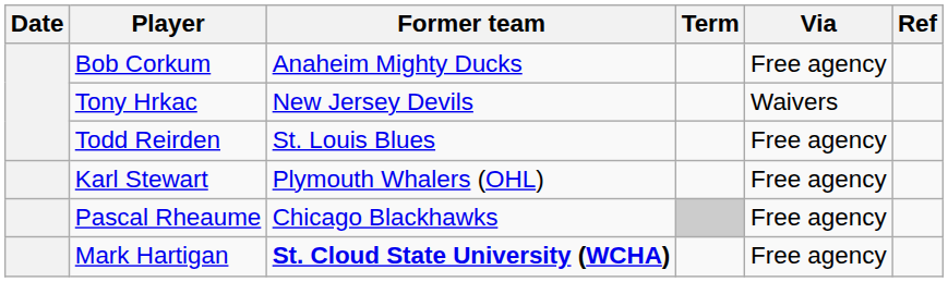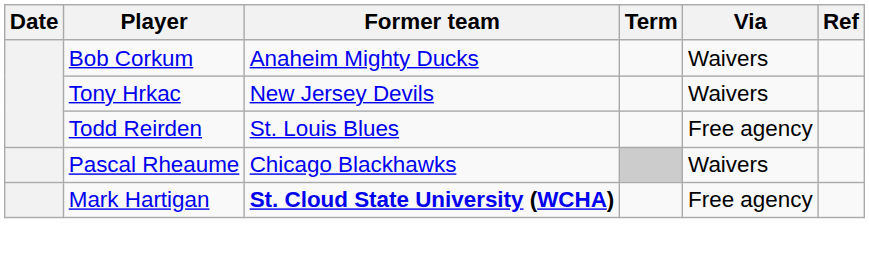 <table class="wikitable plainrowheaders">
 <tr style="background:#ddd; text-align:center;">
 <th>Date</th>
 <th>Player</th>
 <th>Former team</th>
 <th>Term</th>
 <th>Via</th>
 <th>Ref</th>
 </tr>
 <tr>
 <th scope="row" rowspan=3></th>
 <td><a href='#'>Bob Corkum</a></td>
 <td><a href='#'>Anaheim Mighty Ducks</a></td>
 <td></td>
-<td>Free agency</td>
+<td>Waivers</td>
 <td></td>
 </tr>
 <tr>
 <td><a href='#'>Tony Hrkac</a></td>
 <td><a href='#'>New Jersey Devils</a></td>
 <td></td>
 <td>Waivers</td>
 <td></td>
 </tr>
 <tr>
 <td><a href='#'>Todd Reirden</a></td>
 <td><a href='#'>St. Louis Blues</a></td>
 <td></td>
 <td>Free agency</td>
 <td></td>
 </tr>
 <tr>
 <th scope="row"></th>
-<td><a href='#'>Karl Stewart</a></td>
-<td><a href='#'>Plymouth Whalers</a> (<a href='#'>OHL</a>)</td>
-<td></td>
-<td>Free agency</td>
-<td></td>
-</tr>
-<tr>
-<th scope="row"></th>
 <td><a href='#'>Pascal Rheaume</a></td>
 <td><a href='#'>Chicago Blackhawks</a></td>
 <td style="background:#ccc"></td>
-<td>Free agency</td>
+<td>Waivers</td>
 <td></td>
 </tr>
 <tr>
 <th scope="row"></th>
 <td><a href='#'>Mark Hartigan</a></td>
 <td><strong><a href='#'>St. Cloud State University</a> (<a href='#'>WCHA</a>)</strong></td>
 <td></td>
 <td>Free agency</td>
 <td></td>
 </tr>
 </table>
